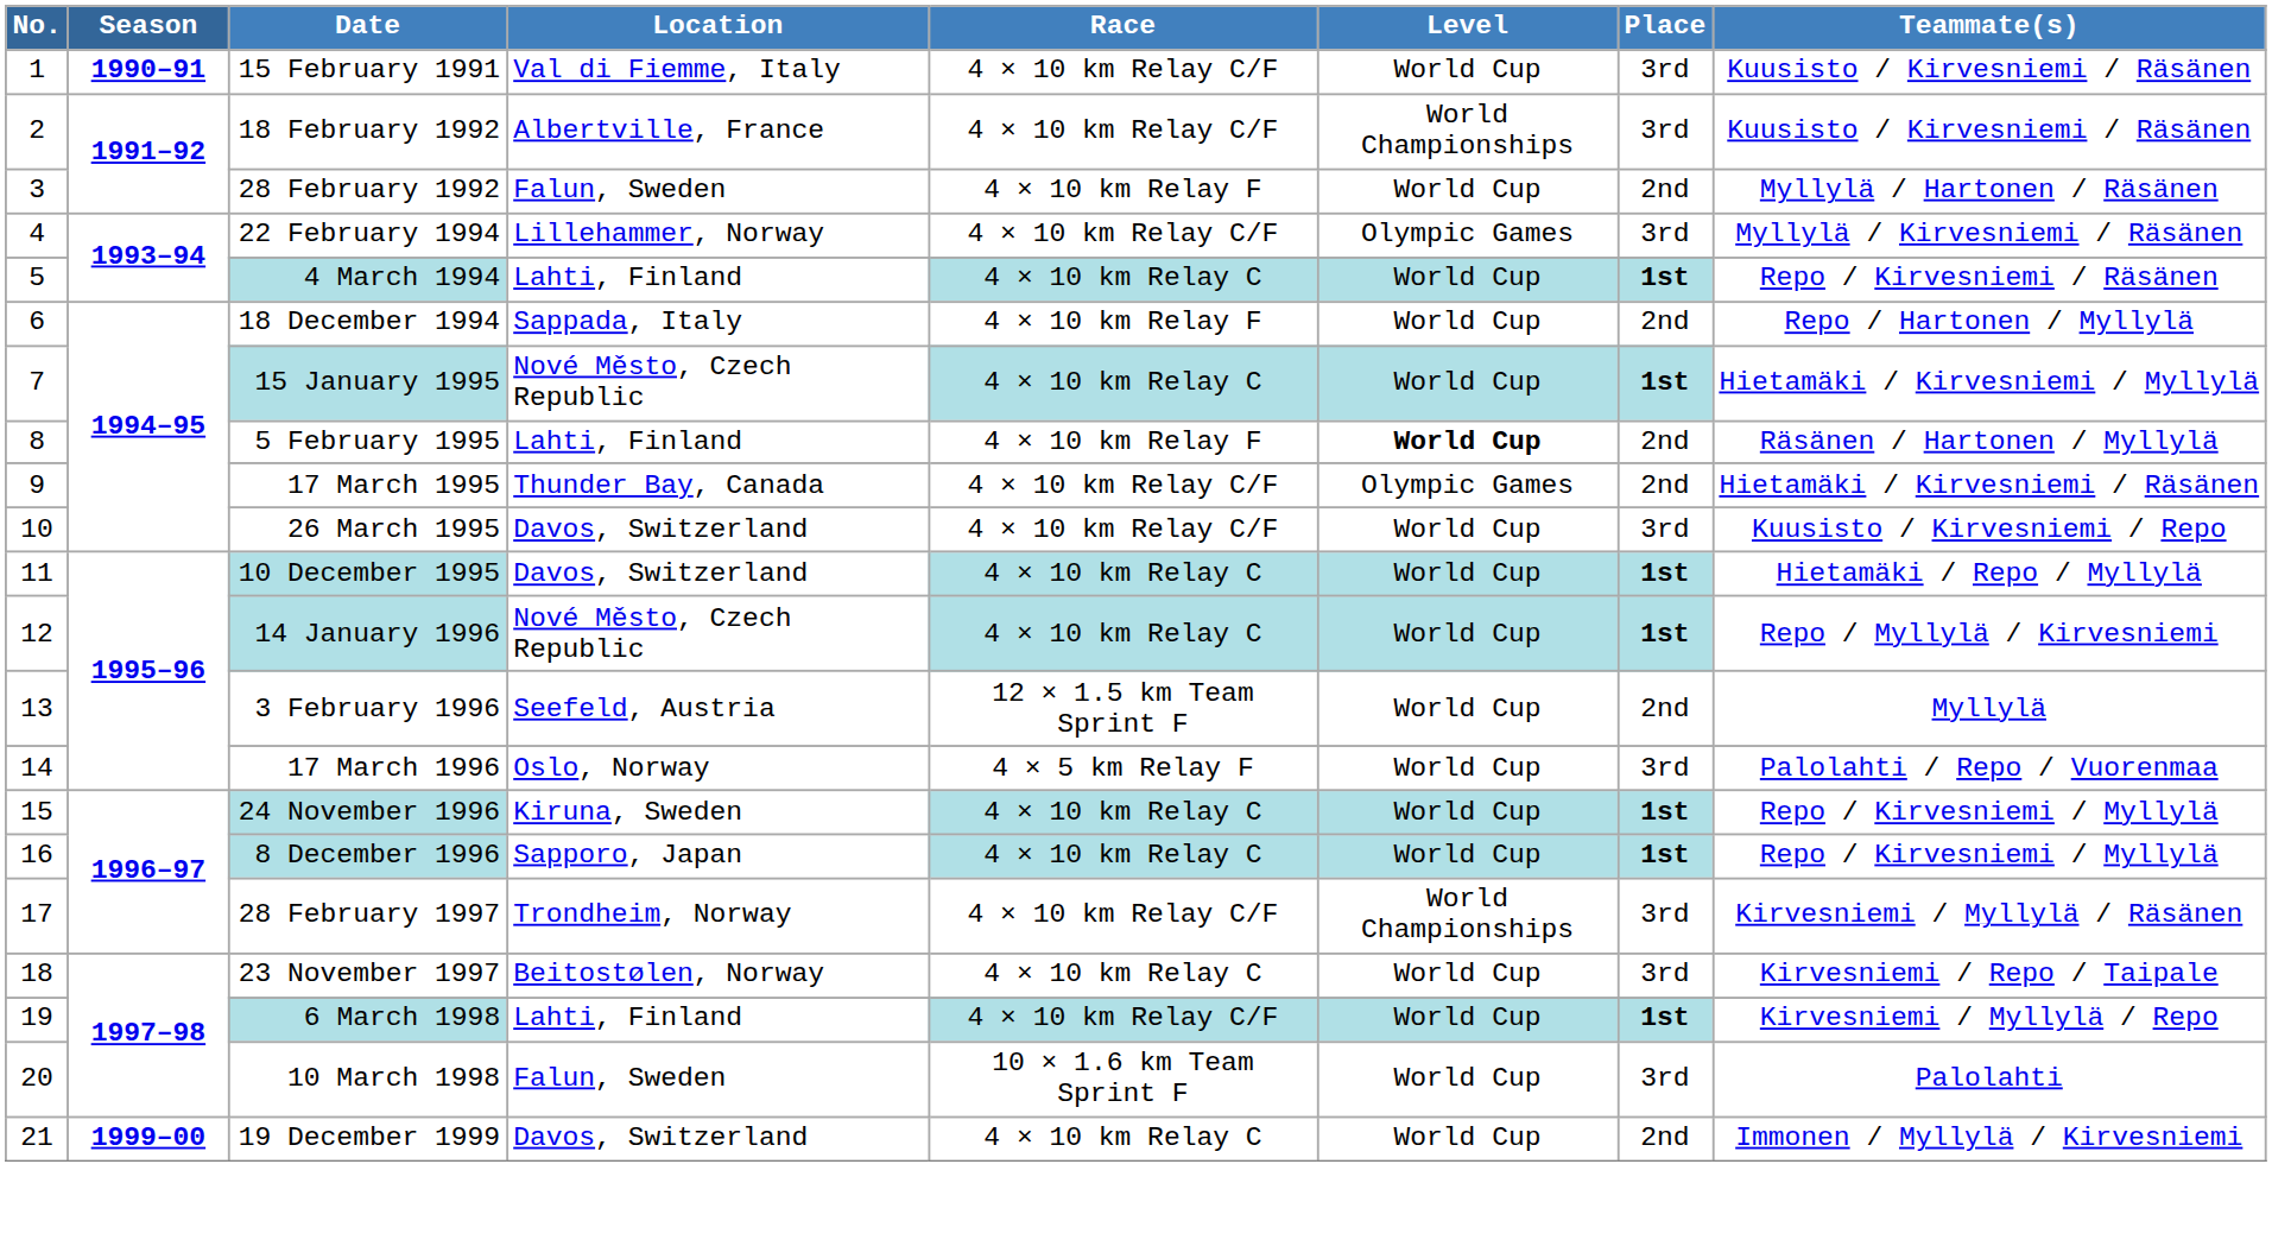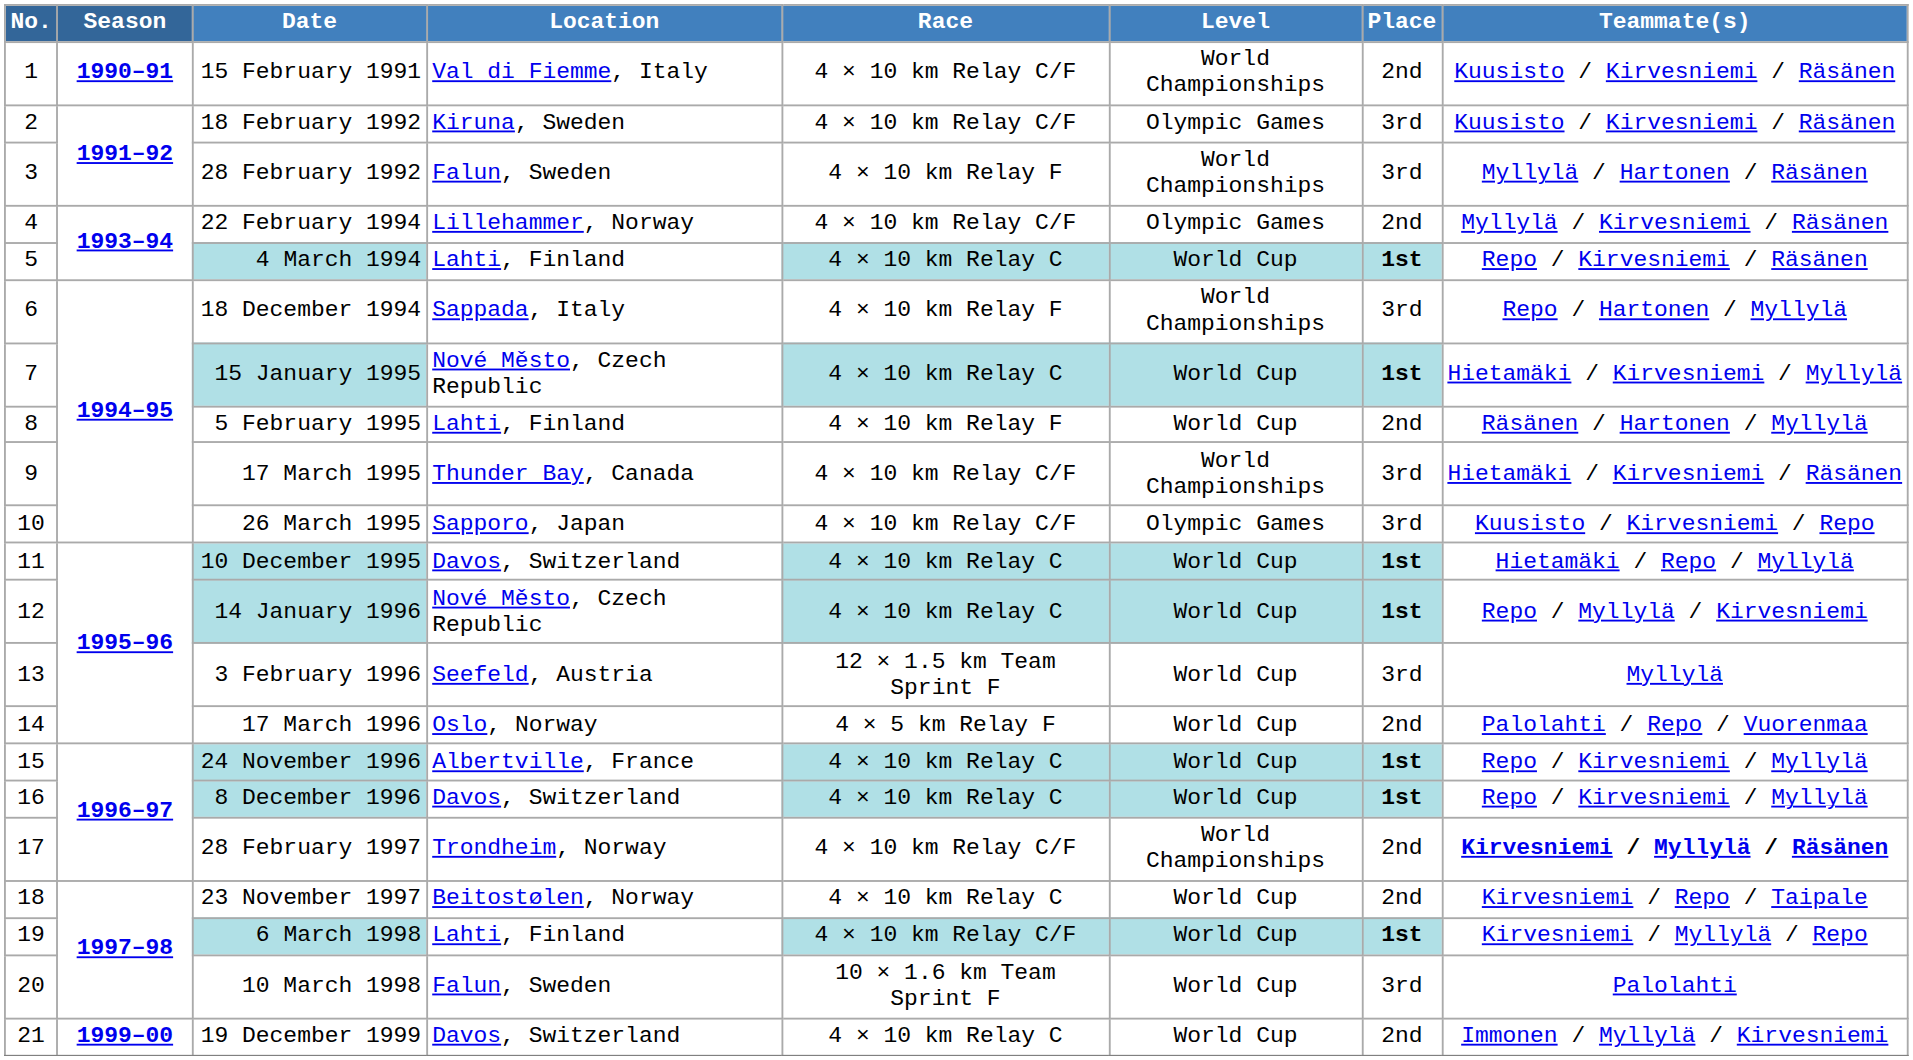 <table class="wikitable sortable" style="font-size:95%; text-align:center; border:grey solid 1px; border-collapse:collapse; background:#ffffff;">
 <tr style="background:#efefef;">
 <th style="background-color:#369; color:white;">No.</th>
 <th style="background-color:#369; color:white;">Season</th>
 <th style="background-color:#4180be; color:white; width:120px;">Date</th>
 <th style="background-color:#4180be; color:white; width:185px;">Location</th>
 <th style="background-color:#4180be; color:white; width:170px;">Race</th>
 <th style="background-color:#4180be; color:white; width:130px;">Level</th>
 <th style="background-color:#4180be; color:white;">Place</th>
 <th style="background-color:#4180be; color:white;">Teammate(s)</th>
 </tr>
 <tr>
 <td align=center>1</td>
 <td rowspan=1 align=center><strong> <a href='#'>1990–91</a> </strong></td>
 <td align=right>15 February 1991</td>
 <td align=left> <a href='#'>Val di Fiemme</a>, Italy</td>
 <td>4 × 10 km Relay C/F</td>
-<td>World Cup</td>
-<td>3rd</td>
+<td>World Championships</td>
+<td>2nd</td>
 <td><a href='#'>Kuusisto</a> / <a href='#'>Kirvesniemi</a> / <a href='#'>Räsänen</a></td>
 </tr>
 <tr>
 <td align=center>2</td>
 <td rowspan=2 align=center><strong> <a href='#'>1991–92</a> </strong></td>
 <td align=right>18 February 1992</td>
-<td align=left> <a href='#'>Albertville</a>, France</td>
+<td align=left> <a href='#'>Kiruna</a>, Sweden</td>
 <td>4 × 10 km Relay C/F</td>
-<td>World Championships</td>
+<td>Olympic Games</td>
 <td>3rd</td>
 <td><a href='#'>Kuusisto</a> / <a href='#'>Kirvesniemi</a> / <a href='#'>Räsänen</a></td>
 </tr>
 <tr>
 <td align=center>3</td>
 <td align=right>28 February 1992</td>
 <td align=left> <a href='#'>Falun</a>, Sweden</td>
 <td>4 × 10 km Relay F</td>
-<td>World Cup</td>
-<td>2nd</td>
+<td>World Championships</td>
+<td>3rd</td>
 <td><a href='#'>Myllylä</a> / <a href='#'>Hartonen</a> / <a href='#'>Räsänen</a></td>
 </tr>
 <tr>
 <td align=center>4</td>
 <td rowspan=2 align=center><strong> <a href='#'>1993–94</a> </strong></td>
 <td align=right>22 February 1994</td>
 <td align=left> <a href='#'>Lillehammer</a>, Norway</td>
 <td>4 × 10 km Relay C/F</td>
 <td>Olympic Games</td>
-<td>3rd</td>
+<td>2nd</td>
 <td><a href='#'>Myllylä</a> / <a href='#'>Kirvesniemi</a> / <a href='#'>Räsänen</a></td>
 </tr>
 <tr>
 <td align=center>5</td>
 <td bgcolor="#BOEOE6" align=right>4 March 1994</td>
 <td align=left> <a href='#'>Lahti</a>, Finland</td>
 <td bgcolor="#BOEOE6">4 × 10 km Relay C</td>
 <td bgcolor="#BOEOE6">World Cup</td>
 <td bgcolor="#BOEOE6"><strong>1st</strong></td>
 <td><a href='#'>Repo</a> / <a href='#'>Kirvesniemi</a> / <a href='#'>Räsänen</a></td>
 </tr>
 <tr>
 <td align=center>6</td>
 <td rowspan=5 align=center><strong> <a href='#'>1994–95</a> </strong></td>
 <td align=right>18 December 1994</td>
 <td align=left> <a href='#'>Sappada</a>, Italy</td>
 <td>4 × 10 km Relay F</td>
-<td>World Cup</td>
-<td>2nd</td>
+<td>World Championships</td>
+<td>3rd</td>
 <td><a href='#'>Repo</a> / <a href='#'>Hartonen</a> / <a href='#'>Myllylä</a></td>
 </tr>
 <tr>
 <td align=center>7</td>
 <td bgcolor="#BOEOE6" align=right>15 January 1995</td>
 <td align=left> <a href='#'>Nové Město</a>, Czech Republic</td>
 <td bgcolor="#BOEOE6">4 × 10 km Relay C</td>
 <td bgcolor="#BOEOE6">World Cup</td>
 <td bgcolor="#BOEOE6"><strong>1st</strong></td>
 <td><a href='#'>Hietamäki</a> / <a href='#'>Kirvesniemi</a> / <a href='#'>Myllylä</a></td>
 </tr>
 <tr>
 <td align=center>8</td>
 <td align=right>5 February 1995</td>
 <td align=left> <a href='#'>Lahti</a>, Finland</td>
 <td>4 × 10 km Relay F</td>
-<td><strong>World Cup</strong></td>
+<td>World Cup</td>
 <td>2nd</td>
 <td><a href='#'>Räsänen</a> / <a href='#'>Hartonen</a> / <a href='#'>Myllylä</a></td>
 </tr>
 <tr>
 <td align=center>9</td>
 <td align=right>17 March 1995</td>
 <td align=left> <a href='#'>Thunder Bay</a>, Canada</td>
 <td>4 × 10 km Relay C/F</td>
-<td>Olympic Games</td>
-<td>2nd</td>
+<td>World Championships</td>
+<td>3rd</td>
 <td><a href='#'>Hietamäki</a> / <a href='#'>Kirvesniemi</a> / <a href='#'>Räsänen</a></td>
 </tr>
 <tr>
 <td align=center>10</td>
 <td align=right>26 March 1995</td>
-<td align=left> <a href='#'>Davos</a>, Switzerland</td>
+<td align=left> <a href='#'>Sapporo</a>, Japan</td>
 <td>4 × 10 km Relay C/F</td>
-<td>World Cup</td>
+<td>Olympic Games</td>
 <td>3rd</td>
 <td><a href='#'>Kuusisto</a> / <a href='#'>Kirvesniemi</a> / <a href='#'>Repo</a></td>
 </tr>
 <tr>
 <td align=center>11</td>
 <td rowspan=4 align=center><strong><a href='#'>1995–96</a></strong></td>
 <td bgcolor="#BOEOE6" align=right>10 December 1995</td>
 <td align=left> <a href='#'>Davos</a>, Switzerland</td>
 <td bgcolor="#BOEOE6">4 × 10 km Relay C</td>
 <td bgcolor="#BOEOE6">World Cup</td>
 <td bgcolor="#BOEOE6"><strong>1st</strong></td>
 <td><a href='#'>Hietamäki</a> / <a href='#'>Repo</a> / <a href='#'>Myllylä</a></td>
 </tr>
 <tr>
 <td align=center>12</td>
 <td bgcolor="#BOEOE6" align=right>14 January 1996</td>
 <td align=left> <a href='#'>Nové Město</a>, Czech Republic</td>
 <td bgcolor="#BOEOE6">4 × 10 km Relay C</td>
 <td bgcolor="#BOEOE6">World Cup</td>
 <td bgcolor="#BOEOE6"><strong>1st</strong></td>
 <td><a href='#'>Repo</a> / <a href='#'>Myllylä</a> / <a href='#'>Kirvesniemi</a></td>
 </tr>
 <tr>
 <td align=center>13</td>
 <td align=right>3 February 1996</td>
 <td align=left> <a href='#'>Seefeld</a>, Austria</td>
 <td>12 × 1.5 km Team Sprint F</td>
 <td>World Cup</td>
-<td>2nd</td>
+<td>3rd</td>
 <td><a href='#'>Myllylä</a></td>
 </tr>
 <tr>
 <td align=center>14</td>
 <td align=right>17 March 1996</td>
 <td align=left> <a href='#'>Oslo</a>, Norway</td>
 <td>4 × 5 km Relay F</td>
 <td>World Cup</td>
-<td>3rd</td>
+<td>2nd</td>
 <td><a href='#'>Palolahti</a> / <a href='#'>Repo</a> / <a href='#'>Vuorenmaa</a></td>
 </tr>
 <tr>
 <td align=center>15</td>
 <td rowspan=3 align=center><strong><a href='#'>1996–97</a></strong></td>
 <td bgcolor="#BOEOE6" align=right>24 November 1996</td>
-<td align=left> <a href='#'>Kiruna</a>, Sweden</td>
+<td align=left> <a href='#'>Albertville</a>, France</td>
 <td bgcolor="#BOEOE6">4 × 10 km Relay C</td>
 <td bgcolor="#BOEOE6">World Cup</td>
 <td bgcolor="#BOEOE6"><strong>1st</strong></td>
 <td><a href='#'>Repo</a> / <a href='#'>Kirvesniemi</a> / <a href='#'>Myllylä</a></td>
 </tr>
 <tr>
 <td align=center>16</td>
 <td bgcolor="#BOEOE6" align=right>8 December 1996</td>
-<td align=left> <a href='#'>Sapporo</a>, Japan</td>
+<td align=left> <a href='#'>Davos</a>, Switzerland</td>
 <td bgcolor="#BOEOE6">4 × 10 km Relay C</td>
 <td bgcolor="#BOEOE6">World Cup</td>
 <td bgcolor="#BOEOE6"><strong>1st</strong></td>
 <td><a href='#'>Repo</a> / <a href='#'>Kirvesniemi</a> / <a href='#'>Myllylä</a></td>
 </tr>
 <tr>
 <td align=center>17</td>
 <td align=right>28 February 1997</td>
 <td align=left> <a href='#'>Trondheim</a>, Norway</td>
 <td>4 × 10 km Relay C/F</td>
 <td>World Championships</td>
-<td>3rd</td>
-<td><a href='#'>Kirvesniemi</a> / <a href='#'>Myllylä</a> / <a href='#'>Räsänen</a></td>
+<td>2nd</td>
+<td><strong><a href='#'>Kirvesniemi</a> / <a href='#'>Myllylä</a> / <a href='#'>Räsänen</a></strong></td>
 </tr>
 <tr>
 <td align=center>18</td>
 <td rowspan=3 align=center><strong> <a href='#'>1997–98</a> </strong></td>
 <td align=right>23 November 1997</td>
 <td align=left> <a href='#'>Beitostølen</a>, Norway</td>
 <td>4 × 10 km Relay C</td>
 <td>World Cup</td>
-<td>3rd</td>
+<td>2nd</td>
 <td><a href='#'>Kirvesniemi</a> / <a href='#'>Repo</a> / <a href='#'>Taipale</a></td>
 </tr>
 <tr>
 <td align=center>19</td>
 <td bgcolor="#BOEOE6" align=right>6 March 1998</td>
 <td align=left> <a href='#'>Lahti</a>, Finland</td>
 <td bgcolor="#BOEOE6">4 × 10 km Relay C/F</td>
 <td bgcolor="#BOEOE6">World Cup</td>
 <td bgcolor="#BOEOE6"><strong>1st</strong></td>
 <td><a href='#'>Kirvesniemi</a> / <a href='#'>Myllylä</a> / <a href='#'>Repo</a></td>
 </tr>
 <tr>
 <td align=center>20</td>
 <td align=right>10 March 1998</td>
 <td align=left> <a href='#'>Falun</a>, Sweden</td>
 <td>10 × 1.6 km Team Sprint F</td>
 <td>World Cup</td>
 <td>3rd</td>
 <td><a href='#'>Palolahti</a></td>
 </tr>
 <tr>
 <td align=center>21</td>
 <td rowspan=1 align=center><strong> <a href='#'>1999–00</a> </strong></td>
 <td align=right>19 December 1999</td>
 <td align=left> <a href='#'>Davos</a>, Switzerland</td>
 <td>4 × 10 km Relay C</td>
 <td>World Cup</td>
 <td>2nd</td>
 <td><a href='#'>Immonen</a> / <a href='#'>Myllylä</a> / <a href='#'>Kirvesniemi</a></td>
 </tr>
 <tr>
 </tr>
 </table>
